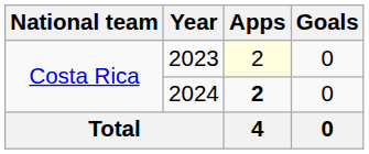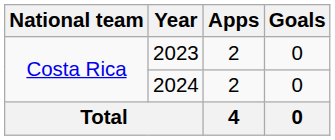 <table class="wikitable" style="text-align:center">
 <tr>
 <th>National team</th>
 <th>Year</th>
 <th>Apps</th>
 <th>Goals</th>
 </tr>
 <tr>
 <td rowspan="2"><a href='#'>Costa Rica</a></td>
 <td>2023</td>
-<td style="background: lightyellow;">2</td>
+<td>2</td>
 <td>0</td>
 </tr>
 <tr>
 <td>2024</td>
-<td><strong>2</strong></td>
+<td>2</td>
 <td>0</td>
 </tr>
 <tr>
 <th colspan="2">Total</th>
 <th>4</th>
 <th>0</th>
 </tr>
 </table>
